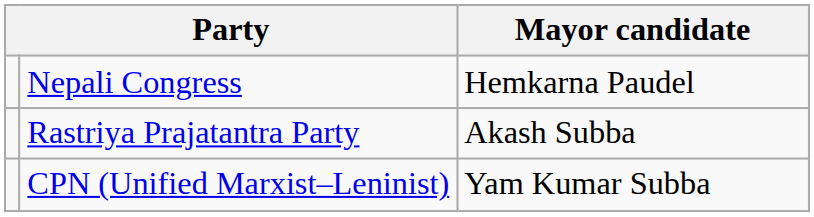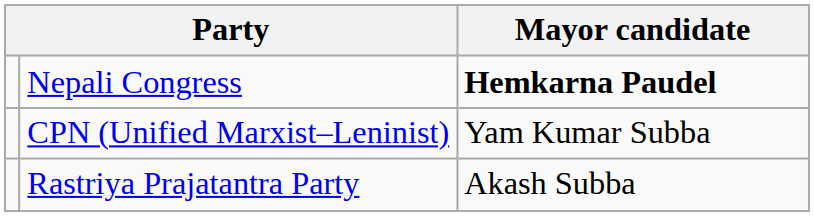 <table class="wikitable">
 <tr>
 <th colspan="2">Party</th>
 <th style="width: 125pt;">Mayor candidate</th>
 </tr>
 <tr>
 <td style="background-color:"></td>
 <td><a href='#'>Nepali Congress</a></td>
-<td>Hemkarna Paudel</td>
+<td><strong>Hemkarna Paudel</strong></td>
+</tr>
+<tr>
+<td style="background-color:"></td>
+<td><a href='#'>CPN (Unified Marxist–Leninist)</a></td>
+<td>Yam Kumar Subba</td>
 </tr>
 <tr>
 <td></td>
 <td><a href='#'>Rastriya Prajatantra Party</a></td>
 <td>Akash Subba</td>
 </tr>
-<tr>
-<td style="background-color:"></td>
-<td><a href='#'>CPN (Unified Marxist–Leninist)</a></td>
-<td>Yam Kumar Subba</td>
-</tr>
 </table>
